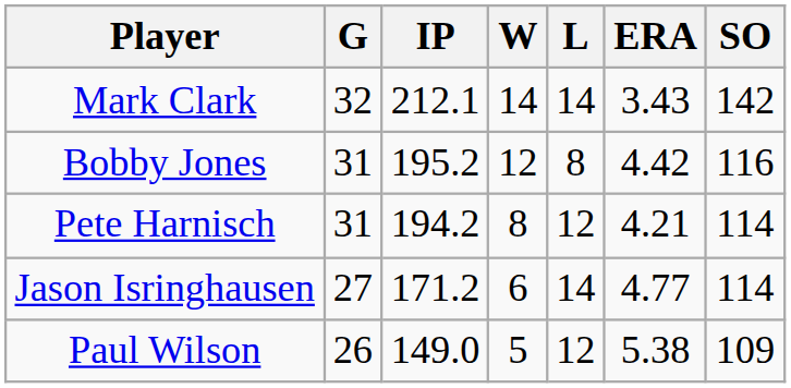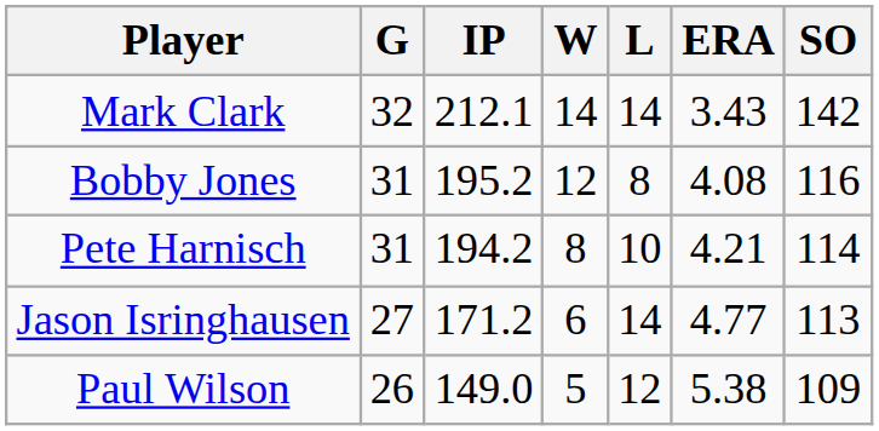 <table class="wikitable sortable">
 <tr>
 <th>Player</th>
 <th>G</th>
 <th>IP</th>
 <th>W</th>
 <th>L</th>
 <th>ERA</th>
 <th>SO</th>
 </tr>
 <tr align=center>
 <td><a href='#'>Mark Clark</a></td>
 <td>32</td>
 <td>212.1</td>
 <td>14</td>
 <td>14</td>
 <td>3.43</td>
 <td>142</td>
 </tr>
 <tr align=center>
 <td><a href='#'>Bobby Jones</a></td>
 <td>31</td>
 <td>195.2</td>
 <td>12</td>
 <td>8</td>
-<td>4.42</td>
+<td>4.08</td>
 <td>116</td>
 </tr>
 <tr align=center>
 <td><a href='#'>Pete Harnisch</a></td>
 <td>31</td>
 <td>194.2</td>
 <td>8</td>
-<td>12</td>
+<td>10</td>
 <td>4.21</td>
 <td>114</td>
 </tr>
 <tr align=center>
 <td><a href='#'>Jason Isringhausen</a></td>
 <td>27</td>
 <td>171.2</td>
 <td>6</td>
 <td>14</td>
 <td>4.77</td>
-<td>114</td>
+<td>113</td>
 </tr>
 <tr align=center>
 <td><a href='#'>Paul Wilson</a></td>
 <td>26</td>
 <td>149.0</td>
 <td>5</td>
 <td>12</td>
 <td>5.38</td>
 <td>109</td>
 </tr>
 </table>
